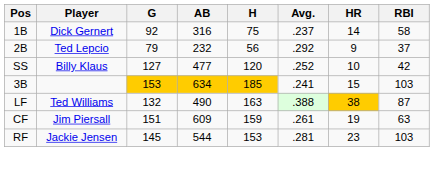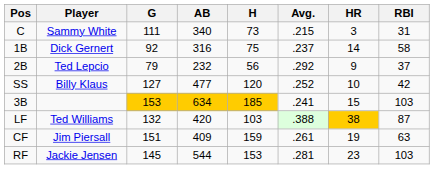 <table class="wikitable sortable">
 <tr>
 <th bgcolor="#DDDDFF" width="5%">Pos</th>
 <th bgcolor="#DDDDFF" width="16%">Player</th>
 <th bgcolor="#DDDDFF" width="9%">G</th>
 <th bgcolor="#DDDDFF" width="9%">AB</th>
 <th bgcolor="#DDDDFF" width="9%">H</th>
 <th bgcolor="#DDDDFF" width="9%">Avg.</th>
 <th bgcolor="#DDDDFF" width="9%">HR</th>
 <th bgcolor="#DDDDFF" width="9%">RBI</th>
+</tr>
+<tr align="center">
+<td>C</td>
+<td><a href='#'>Sammy White</a></td>
+<td>111</td>
+<td>340</td>
+<td>73</td>
+<td>.215</td>
+<td>3</td>
+<td>31</td>
 </tr>
 <tr align="center">
 <td>1B</td>
 <td><a href='#'>Dick Gernert</a></td>
 <td>92</td>
 <td>316</td>
 <td>75</td>
 <td>.237</td>
 <td>14</td>
 <td>58</td>
 </tr>
 <tr align="center">
 <td>2B</td>
 <td><a href='#'>Ted Lepcio</a></td>
 <td>79</td>
 <td>232</td>
 <td>56</td>
 <td>.292</td>
 <td>9</td>
 <td>37</td>
 </tr>
 <tr align="center">
 <td>SS</td>
 <td><a href='#'>Billy Klaus</a></td>
 <td>127</td>
 <td>477</td>
 <td>120</td>
 <td>.252</td>
 <td>10</td>
 <td>42</td>
 </tr>
 <tr align="center">
 <td>3B</td>
 <td></td>
 <td style="background:#fc0;">153</td>
 <td style="background:#fc0;">634</td>
 <td style="background:#fc0;">185</td>
 <td>.241</td>
 <td>15</td>
 <td>103</td>
 </tr>
 <tr align="center">
 <td>LF</td>
 <td><a href='#'>Ted Williams</a></td>
 <td>132</td>
-<td>490</td>
-<td>163</td>
+<td>420</td>
+<td>103</td>
 <td style="background:#DDFFDD;">.388</td>
 <td style="background:#fc0;">38</td>
 <td>87</td>
 </tr>
 <tr align="center">
 <td>CF</td>
 <td><a href='#'>Jim Piersall</a></td>
 <td>151</td>
-<td>609</td>
+<td>409</td>
 <td>159</td>
 <td>.261</td>
 <td>19</td>
 <td>63</td>
 </tr>
 <tr align="center">
 <td>RF</td>
 <td><a href='#'>Jackie Jensen</a></td>
 <td>145</td>
 <td>544</td>
 <td>153</td>
 <td>.281</td>
 <td>23</td>
 <td>103</td>
 </tr>
 </table>
